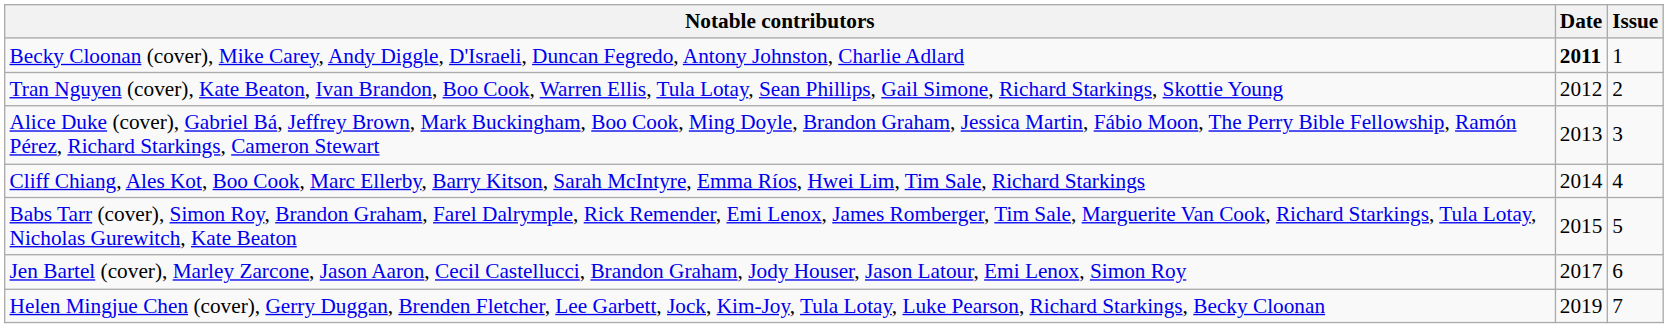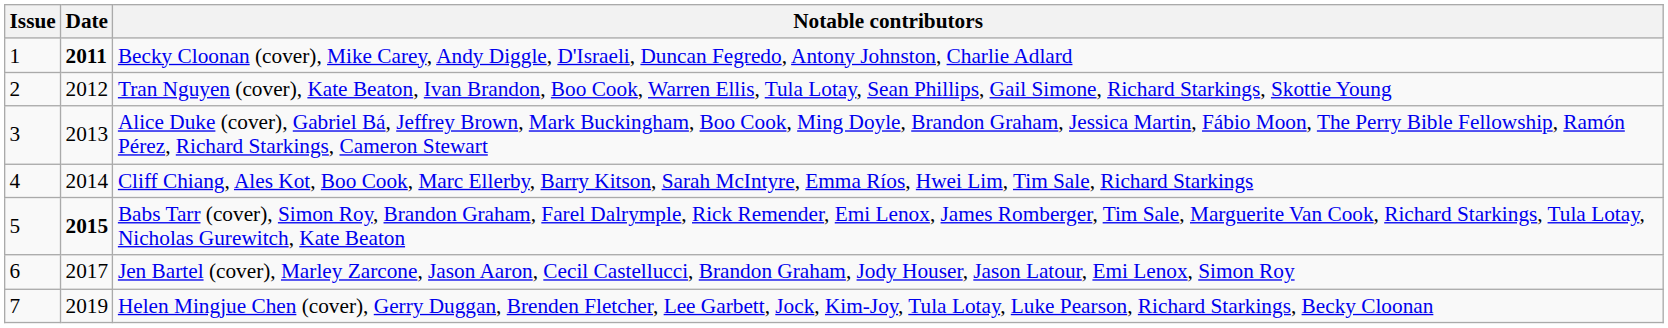 <table class="wikitable">
 <tr>
+<th>Issue</th>
+<th>Date</th>
 <th>Notable contributors</th>
-<th>Date</th>
-<th>Issue</th>
 </tr>
 <tr>
+<td>1</td>
+<td><strong>2011</strong></td>
 <td><a href='#'>Becky Cloonan</a> (cover), <a href='#'>Mike Carey</a>, <a href='#'>Andy Diggle</a>, <a href='#'>D'Israeli</a>, <a href='#'>Duncan Fegredo</a>, <a href='#'>Antony Johnston</a>, <a href='#'>Charlie Adlard</a></td>
-<td><strong>2011</strong></td>
-<td>1</td>
 </tr>
 <tr>
+<td>2</td>
+<td>2012</td>
 <td><a href='#'>Tran Nguyen</a> (cover), <a href='#'>Kate Beaton</a>, <a href='#'>Ivan Brandon</a>, <a href='#'>Boo Cook</a>, <a href='#'>Warren Ellis</a>, <a href='#'>Tula Lotay</a>, <a href='#'>Sean Phillips</a>, <a href='#'>Gail Simone</a>, <a href='#'>Richard Starkings</a>, <a href='#'>Skottie Young</a></td>
-<td>2012</td>
-<td>2</td>
 </tr>
 <tr>
+<td>3</td>
+<td>2013</td>
 <td><a href='#'>Alice Duke</a> (cover), <a href='#'>Gabriel Bá</a>, <a href='#'>Jeffrey Brown</a>, <a href='#'>Mark Buckingham</a>, <a href='#'>Boo Cook</a>, <a href='#'>Ming Doyle</a>, <a href='#'>Brandon Graham</a>, <a href='#'>Jessica Martin</a>, <a href='#'>Fábio Moon</a>, <a href='#'>The Perry Bible Fellowship</a>, <a href='#'>Ramón Pérez</a>, <a href='#'>Richard Starkings</a>, <a href='#'>Cameron Stewart</a></td>
-<td>2013</td>
-<td>3</td>
 </tr>
 <tr>
+<td>4</td>
+<td>2014</td>
 <td><a href='#'>Cliff Chiang</a>, <a href='#'>Ales Kot</a>, <a href='#'>Boo Cook</a>, <a href='#'>Marc Ellerby</a>, <a href='#'>Barry Kitson</a>, <a href='#'>Sarah McIntyre</a>, <a href='#'>Emma Ríos</a>, <a href='#'>Hwei Lim</a>, <a href='#'>Tim Sale</a>, <a href='#'>Richard Starkings</a></td>
-<td>2014</td>
-<td>4</td>
 </tr>
 <tr>
+<td>5</td>
+<td><strong>2015</strong></td>
 <td><a href='#'>Babs Tarr</a> (cover), <a href='#'>Simon Roy</a>, <a href='#'>Brandon Graham</a>, <a href='#'>Farel Dalrymple</a>, <a href='#'>Rick Remender</a>, <a href='#'>Emi Lenox</a>, <a href='#'>James Romberger</a>, <a href='#'>Tim Sale</a>, <a href='#'>Marguerite Van Cook</a>, <a href='#'>Richard Starkings</a>, <a href='#'>Tula Lotay</a>, <a href='#'>Nicholas Gurewitch</a>, <a href='#'>Kate Beaton</a></td>
-<td>2015</td>
-<td>5</td>
 </tr>
 <tr>
+<td>6</td>
+<td>2017</td>
 <td><a href='#'>Jen Bartel</a> (cover), <a href='#'>Marley Zarcone</a>, <a href='#'>Jason Aaron</a>, <a href='#'>Cecil Castellucci</a>, <a href='#'>Brandon Graham</a>, <a href='#'>Jody Houser</a>, <a href='#'>Jason Latour</a>, <a href='#'>Emi Lenox</a>, <a href='#'>Simon Roy</a></td>
-<td>2017</td>
-<td>6</td>
 </tr>
 <tr>
+<td>7</td>
+<td>2019</td>
 <td><a href='#'>Helen Mingjue Chen</a> (cover), <a href='#'>Gerry Duggan</a>, <a href='#'>Brenden Fletcher</a>, <a href='#'>Lee Garbett</a>, <a href='#'>Jock</a>, <a href='#'>Kim-Joy</a>, <a href='#'>Tula Lotay</a>, <a href='#'>Luke Pearson</a>, <a href='#'>Richard Starkings</a>, <a href='#'>Becky Cloonan</a></td>
-<td>2019</td>
-<td>7</td>
 </tr>
 </table>
